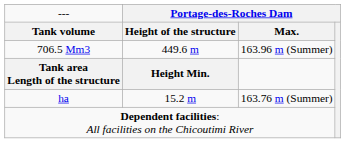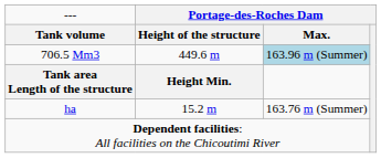 <table class = "wikitable" style = "text-align: center; margin-left: 1em; cellpadding: 2px">
 <tr>
 <td>---</td>
 <th colspan = "4" style = "font-size: #eaeaea"><a href='#'>Portage-des-Roches Dam</a></th>
 </tr>
 <tr style = "height: 20px">
 <th>Tank volume</th>
 <th>Height of the structure</th>
 <th>Max.</th>
 <th rowspan = 5></th>
 </tr>
 <tr style = "height: 25px">
 <td>706.5 <a href='#'>Mm3</a></td>
 <td>449.6 <a href='#'>m</a></td>
-<td>163.96 <a href='#'>m</a> (Summer)</td>
+<td style="background: lightblue;">163.96 <a href='#'>m</a> (Summer)</td>
 </tr>
 <tr style = "height: 20px">
 <th>Tank area<br>Length of the structure</th>
 <th>Height Min.</th>
 </tr>
 <tr style = "height: 25px">
 <td> <a href='#'>ha</a></td>
 <td>15.2 <a href='#'>m</a></td>
 <td>163.76 <a href='#'>m</a> (Summer)</td>
 </tr>
 <tr style = "height: 20px">
 <td colspan = "3" style = "font-size: #eaeaea"><strong>Dependent facilities</strong>: <br> <em>All facilities on the Chicoutimi River</em></td>
 </tr>
 </table>
